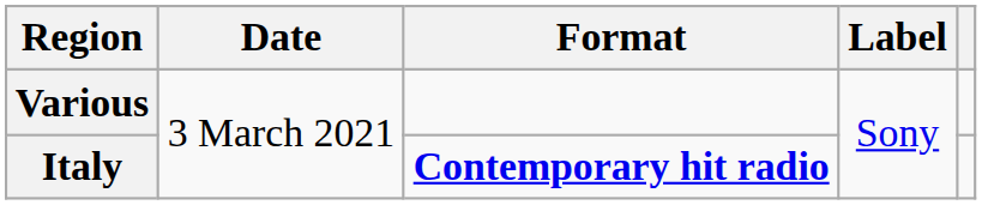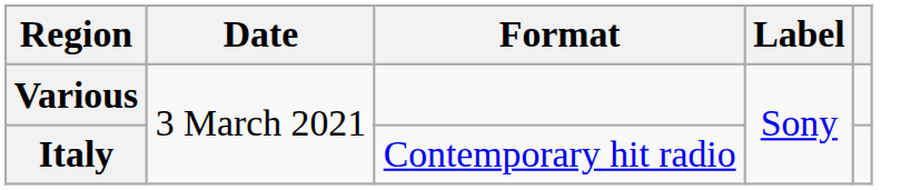 <table class="wikitable sortable plainrowheaders" style="text-align:center">
 <tr>
 <th scope="col">Region</th>
 <th scope="col">Date</th>
 <th scope="col">Format</th>
 <th scope="col">Label</th>
 <th scope="col"></th>
 </tr>
 <tr>
 <th scope="row">Various</th>
 <td rowspan="2">3 March 2021</td>
 <td></td>
 <td rowspan="2"><a href='#'>Sony</a></td>
 <td style="text-align:center;"></td>
 </tr>
 <tr>
 <th scope="row">Italy</th>
-<td><strong><a href='#'>Contemporary hit radio</a></strong></td>
+<td><a href='#'>Contemporary hit radio</a></td>
 <td style="text-align:center;"></td>
 </tr>
 </table>
